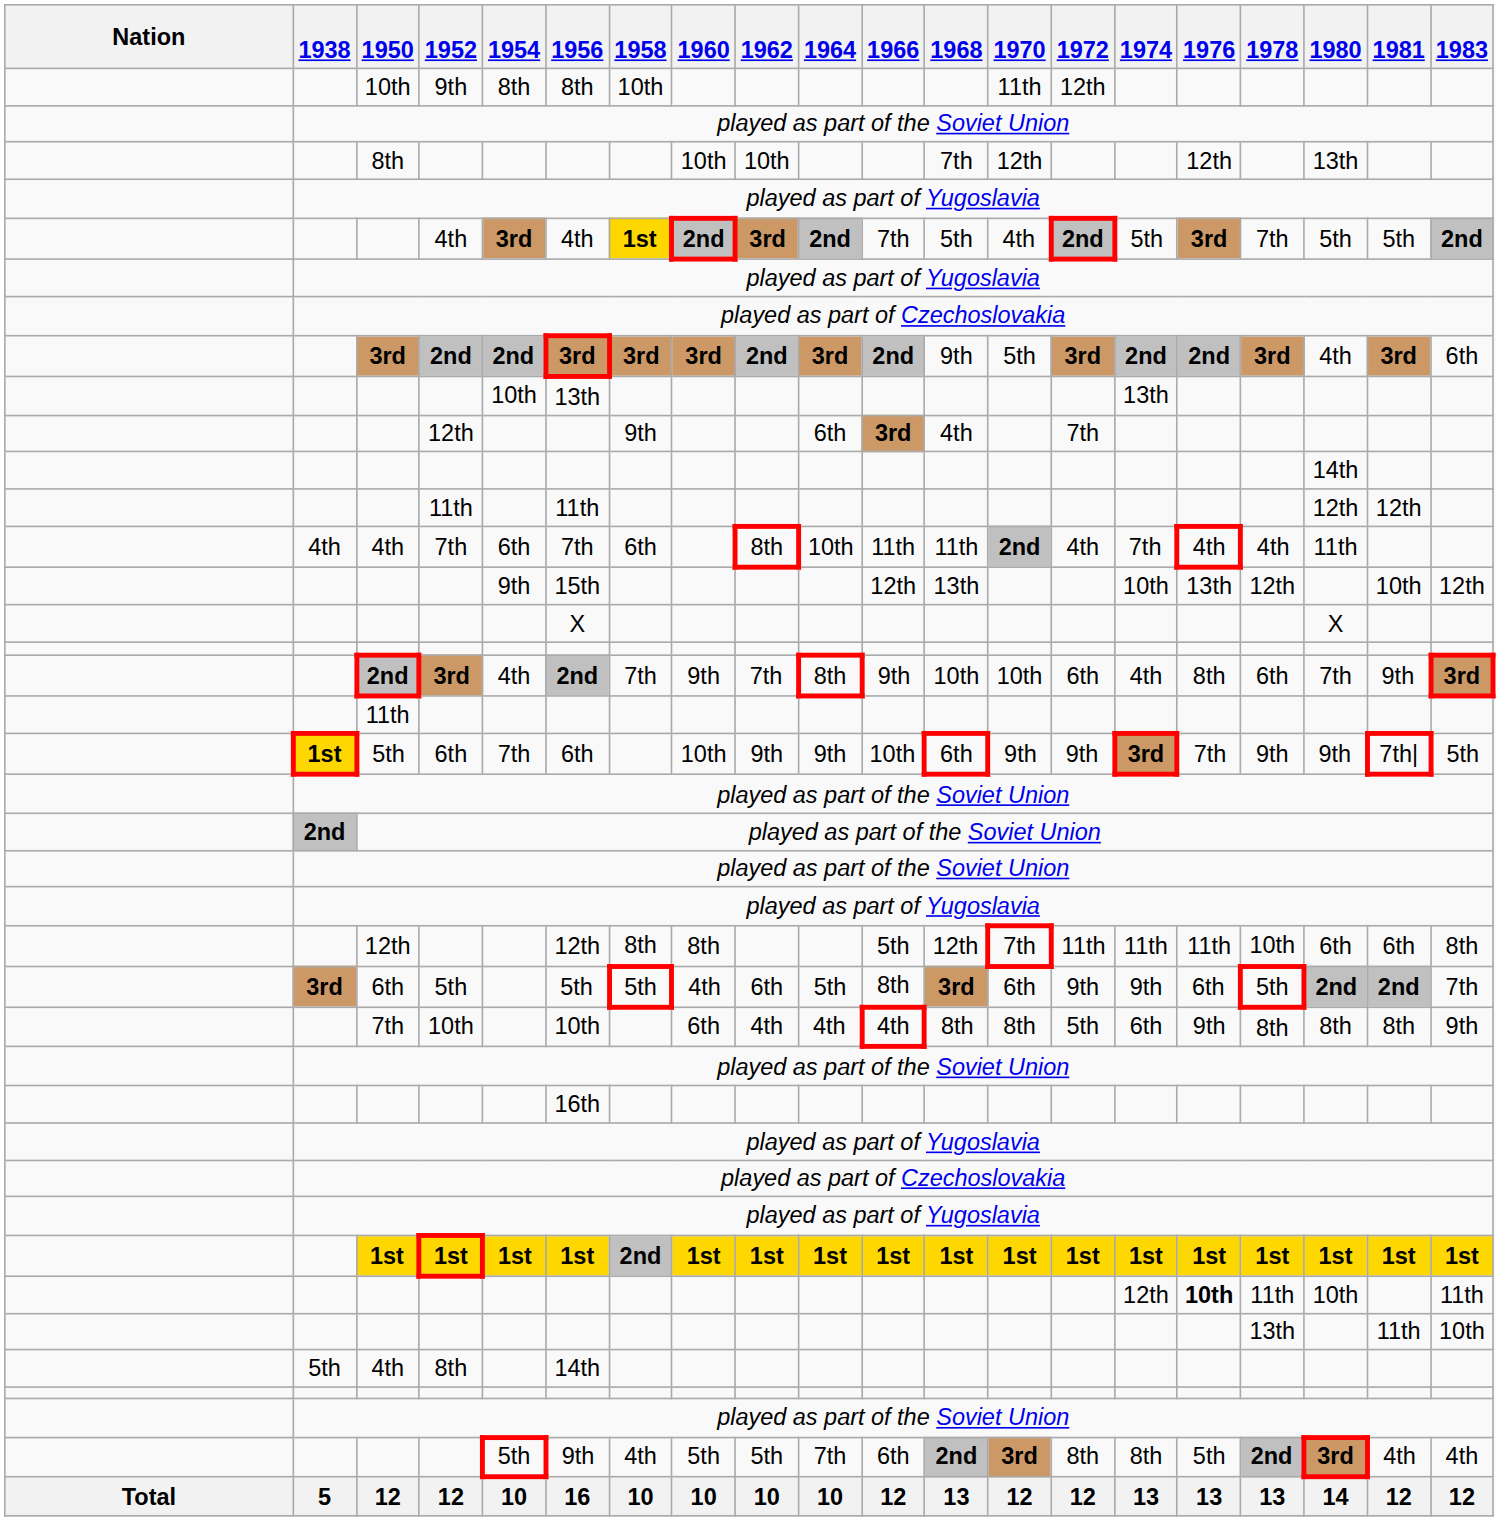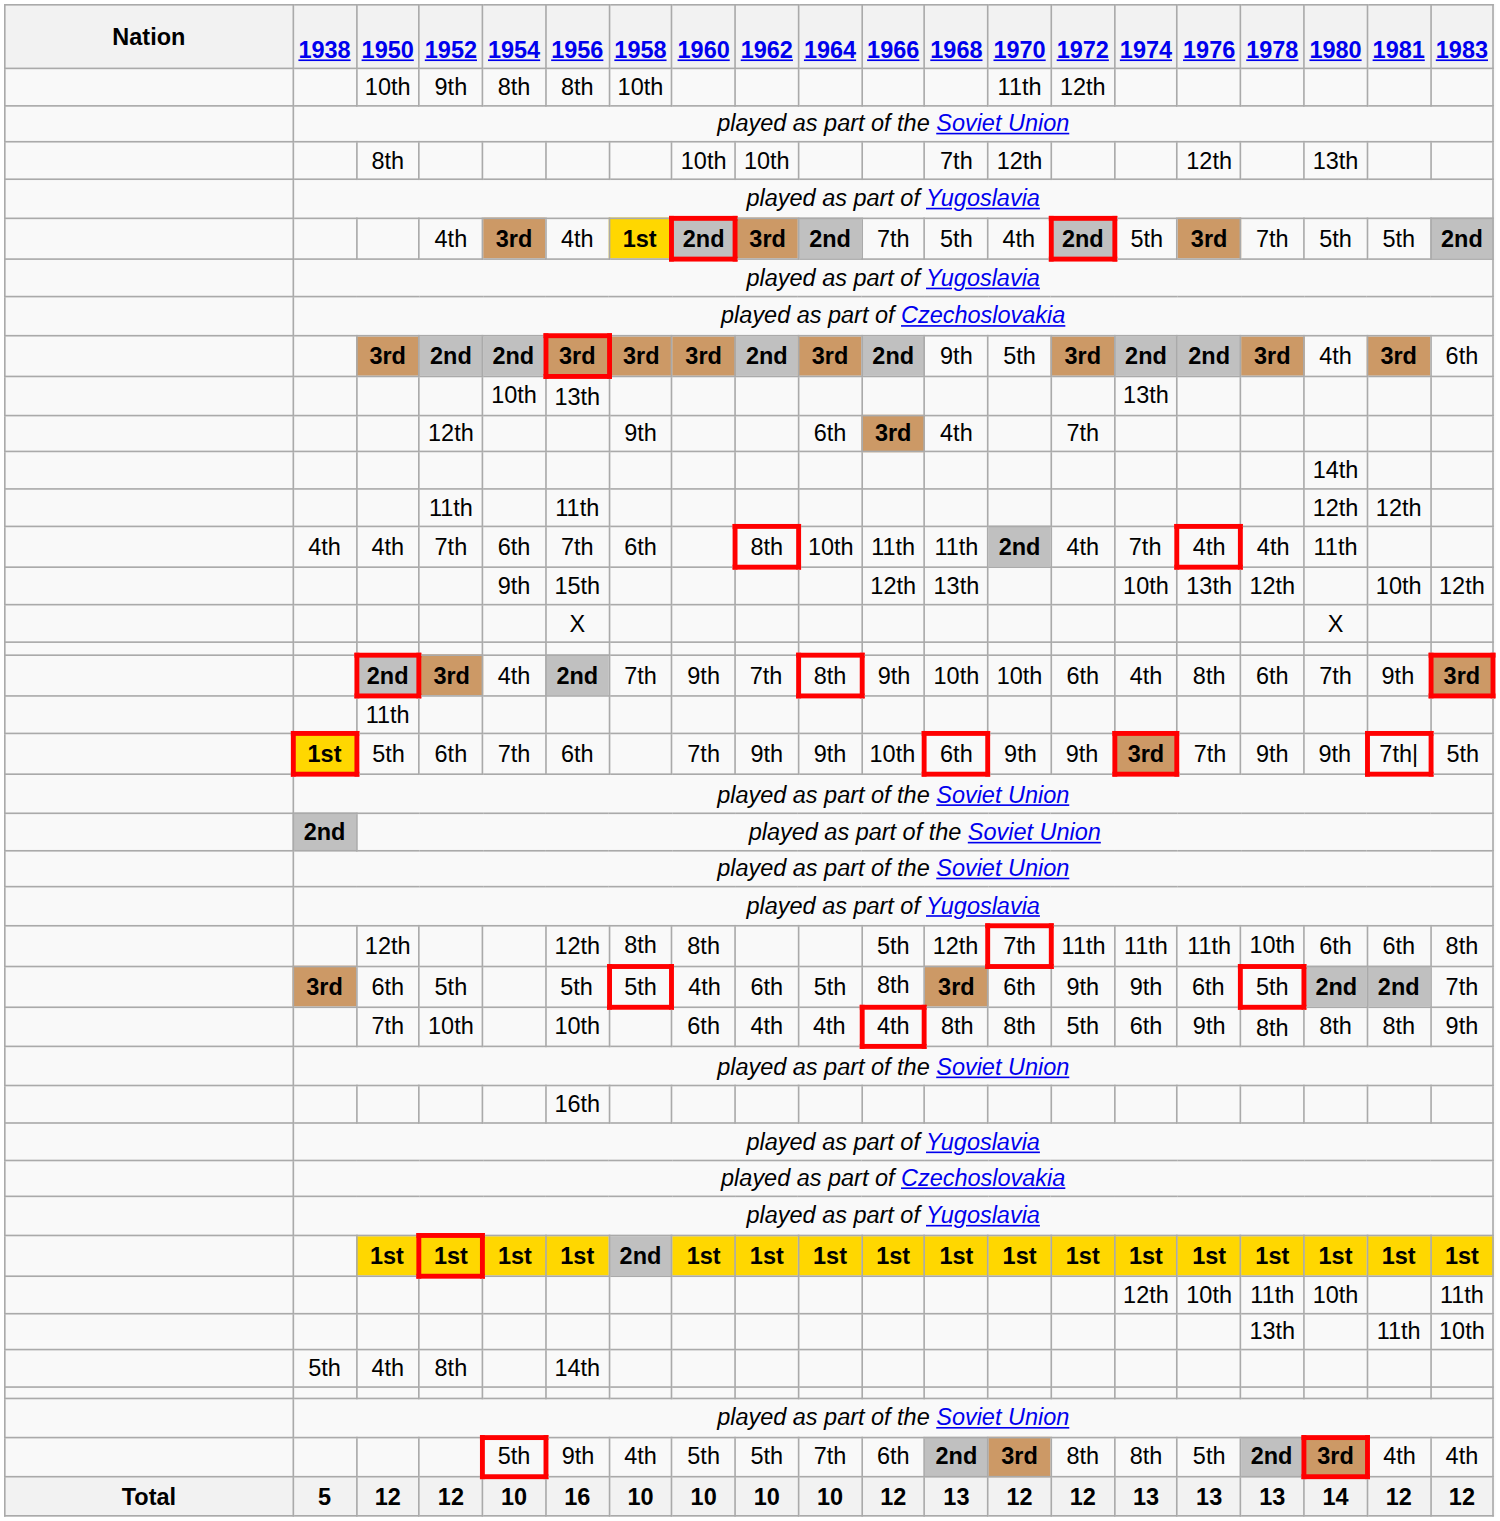 <table class="wikitable" style="text-align:center; font-size:90%">
 <tr>
 <th width=170>Nation</th>
 <th><br><a href='#'>1938</a></th>
 <th><br><a href='#'>1950</a></th>
 <th><br><a href='#'>1952</a></th>
 <th><br><a href='#'>1954</a></th>
 <th><br><a href='#'>1956</a></th>
 <th><br><a href='#'>1958</a></th>
 <th><br><a href='#'>1960</a></th>
 <th><br><a href='#'>1962</a></th>
 <th><br><a href='#'>1964</a></th>
 <th><br><a href='#'>1966</a></th>
 <th><br><a href='#'>1968</a></th>
 <th><br><a href='#'>1970</a></th>
 <th><br><a href='#'>1972</a></th>
 <th><br><a href='#'>1974</a></th>
 <th><br><a href='#'>1976</a></th>
 <th><br><a href='#'>1978</a></th>
 <th><br><a href='#'>1980</a></th>
 <th><br><a href='#'>1981</a></th>
 <th><br><a href='#'>1983</a></th>
 </tr>
 <tr>
 <td align=left></td>
 <td></td>
 <td>10th</td>
 <td>9th</td>
 <td>8th</td>
 <td>8th</td>
 <td>10th</td>
 <td></td>
 <td></td>
 <td></td>
 <td></td>
 <td></td>
 <td>11th</td>
 <td>12th</td>
 <td></td>
 <td></td>
 <td></td>
 <td></td>
 <td></td>
 <td></td>
 </tr>
 <tr>
 <td align=left></td>
 <td colspan=19><em>played as part of the <a href='#'>Soviet Union</a></em></td>
 </tr>
 <tr>
 <td align=left></td>
 <td></td>
 <td>8th</td>
 <td></td>
 <td></td>
 <td></td>
 <td></td>
 <td>10th</td>
 <td>10th</td>
 <td></td>
 <td></td>
 <td>7th</td>
 <td>12th</td>
 <td></td>
 <td></td>
 <td>12th</td>
 <td></td>
 <td>13th</td>
 <td></td>
 <td></td>
 </tr>
 <tr>
 <td align=left></td>
 <td colspan=19><em>played as part of <a href='#'>Yugoslavia</a></em></td>
 </tr>
 <tr>
 <td align=left></td>
 <td></td>
 <td></td>
 <td>4th</td>
 <td bgcolor=#cc9966><strong>3rd</strong></td>
 <td>4th</td>
 <td bgcolor=gold><strong>1st</strong></td>
 <td style="border: 3px solid red" bgcolor=silver><strong>2nd</strong></td>
 <td bgcolor=#cc9966><strong>3rd</strong></td>
 <td bgcolor=silver><strong>2nd</strong></td>
 <td>7th</td>
 <td>5th</td>
 <td>4th</td>
 <td style="border: 3px solid red" bgcolor=silver><strong>2nd</strong></td>
 <td>5th</td>
 <td bgcolor=#cc9966><strong>3rd</strong></td>
 <td>7th</td>
 <td>5th</td>
 <td>5th</td>
 <td bgcolor=silver><strong>2nd</strong></td>
 </tr>
 <tr>
 <td align=left></td>
 <td colspan=19><em>played as part of <a href='#'>Yugoslavia</a></em></td>
 </tr>
 <tr>
 <td align=left></td>
 <td colspan=19><em>played as part of <a href='#'>Czechoslovakia</a></em></td>
 </tr>
 <tr>
 <td align=left><em></em></td>
 <td></td>
 <td bgcolor=#cc9966><strong>3rd</strong></td>
 <td bgcolor=silver><strong>2nd</strong></td>
 <td bgcolor=silver><strong>2nd</strong></td>
 <td style="border: 3px solid red" bgcolor=#cc9966><strong>3rd</strong></td>
 <td bgcolor=#cc9966><strong>3rd</strong></td>
 <td bgcolor=#cc9966><strong>3rd</strong></td>
 <td bgcolor=silver><strong>2nd</strong></td>
 <td bgcolor=#cc9966><strong>3rd</strong></td>
 <td bgcolor=silver><strong>2nd</strong></td>
 <td>9th</td>
 <td>5th</td>
 <td bgcolor=#cc9966><strong>3rd</strong></td>
 <td bgcolor=silver><strong>2nd</strong></td>
 <td bgcolor=silver><strong>2nd</strong></td>
 <td bgcolor=#cc9966><strong>3rd</strong></td>
 <td>4th</td>
 <td bgcolor=#cc9966><strong>3rd</strong></td>
 <td>6th</td>
 </tr>
 <tr>
 <td align=left></td>
 <td></td>
 <td></td>
 <td></td>
 <td>10th</td>
 <td>13th</td>
 <td></td>
 <td></td>
 <td></td>
 <td></td>
 <td></td>
 <td></td>
 <td></td>
 <td></td>
 <td>13th</td>
 <td></td>
 <td></td>
 <td></td>
 <td></td>
 <td></td>
 </tr>
 <tr>
 <td align=left><em></em></td>
 <td></td>
 <td></td>
 <td>12th</td>
 <td></td>
 <td></td>
 <td>9th</td>
 <td></td>
 <td></td>
 <td>6th</td>
 <td bgcolor=#cc9966><strong>3rd</strong></td>
 <td>4th</td>
 <td></td>
 <td>7th</td>
 <td></td>
 <td></td>
 <td></td>
 <td></td>
 <td></td>
 <td></td>
 </tr>
 <tr>
 <td align=left></td>
 <td></td>
 <td></td>
 <td></td>
 <td></td>
 <td></td>
 <td></td>
 <td></td>
 <td></td>
 <td></td>
 <td></td>
 <td></td>
 <td></td>
 <td></td>
 <td></td>
 <td></td>
 <td></td>
 <td>14th</td>
 <td></td>
 <td></td>
 </tr>
 <tr>
 <td align=left></td>
 <td></td>
 <td></td>
 <td>11th</td>
 <td></td>
 <td>11th</td>
 <td></td>
 <td></td>
 <td></td>
 <td></td>
 <td></td>
 <td></td>
 <td></td>
 <td></td>
 <td></td>
 <td></td>
 <td></td>
 <td>12th</td>
 <td>12th</td>
 <td></td>
 </tr>
 <tr>
 <td align=left></td>
 <td>4th</td>
 <td>4th</td>
 <td>7th</td>
 <td>6th</td>
 <td>7th</td>
 <td>6th</td>
 <td></td>
 <td style="border: 3px solid red">8th</td>
 <td>10th</td>
 <td>11th</td>
 <td>11th</td>
 <td bgcolor=silver><strong>2nd</strong></td>
 <td>4th</td>
 <td>7th</td>
 <td style="border: 3px solid red">4th</td>
 <td>4th</td>
 <td>11th</td>
 <td></td>
 <td></td>
 </tr>
 <tr>
 <td align=left></td>
 <td></td>
 <td></td>
 <td></td>
 <td>9th</td>
 <td>15th</td>
 <td></td>
 <td></td>
 <td></td>
 <td></td>
 <td>12th</td>
 <td>13th</td>
 <td></td>
 <td></td>
 <td>10th</td>
 <td>13th</td>
 <td>12th</td>
 <td></td>
 <td>10th</td>
 <td>12th</td>
 </tr>
 <tr>
 <td align=left></td>
 <td></td>
 <td></td>
 <td></td>
 <td></td>
 <td>X</td>
 <td></td>
 <td></td>
 <td></td>
 <td></td>
 <td></td>
 <td></td>
 <td></td>
 <td></td>
 <td></td>
 <td></td>
 <td></td>
 <td>X</td>
 <td></td>
 <td></td>
 </tr>
 <tr>
 <td align=left></td>
 <td></td>
 <td></td>
 <td></td>
 <td></td>
 <td></td>
 <td></td>
 <td></td>
 <td></td>
 <td></td>
 <td></td>
 <td></td>
 <td></td>
 <td></td>
 <td></td>
 <td></td>
 <td></td>
 <td></td>
 <td></td>
 <td></td>
 </tr>
 <tr>
 <td align=left></td>
 <td></td>
 <td style="border: 3px solid red" bgcolor=silver><strong>2nd</strong></td>
 <td bgcolor=#cc9966><strong>3rd</strong></td>
 <td>4th</td>
 <td bgcolor=silver><strong>2nd</strong></td>
 <td>7th</td>
 <td>9th</td>
 <td>7th</td>
 <td style="border: 3px solid red">8th</td>
 <td>9th</td>
 <td>10th</td>
 <td>10th</td>
 <td>6th</td>
 <td>4th</td>
 <td>8th</td>
 <td>6th</td>
 <td>7th</td>
 <td>9th</td>
 <td style="border: 3px solid red" bgcolor=#cc9966><strong>3rd</strong></td>
 </tr>
 <tr>
 <td align=left></td>
 <td></td>
 <td>11th</td>
 <td></td>
 <td></td>
 <td></td>
 <td></td>
 <td></td>
 <td></td>
 <td></td>
 <td></td>
 <td></td>
 <td></td>
 <td></td>
 <td></td>
 <td></td>
 <td></td>
 <td></td>
 <td></td>
 <td></td>
 </tr>
 <tr>
 <td align=left></td>
 <td style="border: 3px solid red" bgcolor=gold><strong>1st</strong></td>
 <td>5th</td>
 <td>6th</td>
 <td>7th</td>
 <td>6th</td>
 <td></td>
-<td>10th</td>
+<td>7th</td>
 <td>9th</td>
 <td>9th</td>
 <td>10th</td>
 <td style="border: 3px solid red">6th</td>
 <td>9th</td>
 <td>9th</td>
 <td style="border: 3px solid red" bgcolor=#cc9966><strong>3rd</strong></td>
 <td>7th</td>
 <td>9th</td>
 <td>9th</td>
 <td style="border: 3px solid red">7th|</td>
 <td>5th</td>
 </tr>
 <tr>
 <td align=left></td>
 <td colspan=19><em>played as part of the <a href='#'>Soviet Union</a></em></td>
 </tr>
 <tr>
 <td align=left></td>
 <td bgcolor=silver><strong>2nd</strong></td>
 <td colspan=18><em>played as part of the <a href='#'>Soviet Union</a></em></td>
 </tr>
 <tr>
 <td align=left></td>
 <td colspan=19><em>played as part of the <a href='#'>Soviet Union</a></em></td>
 </tr>
 <tr>
 <td align=left></td>
 <td colspan=19><em>played as part of <a href='#'>Yugoslavia</a></em></td>
 </tr>
 <tr>
 <td align=left></td>
 <td></td>
 <td>12th</td>
 <td></td>
 <td></td>
 <td>12th</td>
 <td>8th</td>
 <td>8th</td>
 <td></td>
 <td></td>
 <td>5th</td>
 <td>12th</td>
 <td style="border: 3px solid red">7th</td>
 <td>11th</td>
 <td>11th</td>
 <td>11th</td>
 <td>10th</td>
 <td>6th</td>
 <td>6th</td>
 <td>8th</td>
 </tr>
 <tr>
 <td align=left></td>
 <td bgcolor=#cc9966><strong>3rd</strong></td>
 <td>6th</td>
 <td>5th</td>
 <td></td>
 <td>5th</td>
 <td style="border: 3px solid red">5th</td>
 <td>4th</td>
 <td>6th</td>
 <td>5th</td>
 <td>8th</td>
 <td bgcolor=#cc9966><strong>3rd</strong></td>
 <td>6th</td>
 <td>9th</td>
 <td>9th</td>
 <td>6th</td>
 <td style="border: 3px solid red">5th</td>
 <td bgcolor=silver><strong>2nd</strong></td>
 <td bgcolor=silver><strong>2nd</strong></td>
 <td>7th</td>
 </tr>
 <tr>
 <td align=left></td>
 <td></td>
 <td>7th</td>
 <td>10th</td>
 <td></td>
 <td>10th</td>
 <td></td>
 <td>6th</td>
 <td>4th</td>
 <td>4th</td>
 <td style="border: 3px solid red">4th</td>
 <td>8th</td>
 <td>8th</td>
 <td>5th</td>
 <td>6th</td>
 <td>9th</td>
 <td>8th</td>
 <td>8th</td>
 <td>8th</td>
 <td>9th</td>
 </tr>
 <tr>
 <td align=left></td>
 <td colspan=19><em>played as part of the <a href='#'>Soviet Union</a></em></td>
 </tr>
 <tr>
 <td align=left></td>
 <td></td>
 <td></td>
 <td></td>
 <td></td>
 <td>16th</td>
 <td></td>
 <td></td>
 <td></td>
 <td></td>
 <td></td>
 <td></td>
 <td></td>
 <td></td>
 <td></td>
 <td></td>
 <td></td>
 <td></td>
 <td></td>
 <td></td>
 </tr>
 <tr>
 <td align=left></td>
 <td colspan=19><em>played as part of <a href='#'>Yugoslavia</a></em></td>
 </tr>
 <tr>
 <td align=left></td>
 <td colspan=19><em>played as part of <a href='#'>Czechoslovakia</a></em></td>
 </tr>
 <tr>
 <td align=left></td>
 <td colspan=19><em>played as part of <a href='#'>Yugoslavia</a></em></td>
 </tr>
 <tr>
 <td align=left><em></em></td>
 <td></td>
 <td bgcolor=gold><strong>1st</strong></td>
 <td style="border: 3px solid red" bgcolor=gold><strong>1st</strong></td>
 <td bgcolor=gold><strong>1st</strong></td>
 <td bgcolor=gold><strong>1st</strong></td>
 <td bgcolor=silver><strong>2nd</strong></td>
 <td bgcolor=gold><strong>1st</strong></td>
 <td bgcolor=gold><strong>1st</strong></td>
 <td bgcolor=gold><strong>1st</strong></td>
 <td bgcolor=gold><strong>1st</strong></td>
 <td bgcolor=gold><strong>1st</strong></td>
 <td bgcolor=gold><strong>1st</strong></td>
 <td bgcolor=gold><strong>1st</strong></td>
 <td bgcolor=gold><strong>1st</strong></td>
 <td bgcolor=gold><strong>1st</strong></td>
 <td bgcolor=gold><strong>1st</strong></td>
 <td bgcolor=gold><strong>1st</strong></td>
 <td bgcolor=gold><strong>1st</strong></td>
 <td bgcolor=gold><strong>1st</strong></td>
 </tr>
 <tr>
 <td align=left></td>
 <td></td>
 <td></td>
 <td></td>
 <td></td>
 <td></td>
 <td></td>
 <td></td>
 <td></td>
 <td></td>
 <td></td>
 <td></td>
 <td></td>
 <td></td>
 <td>12th</td>
-<td><strong>10th</strong></td>
+<td>10th</td>
 <td>11th</td>
 <td>10th</td>
 <td></td>
 <td>11th</td>
 </tr>
 <tr>
 <td align=left></td>
 <td></td>
 <td></td>
 <td></td>
 <td></td>
 <td></td>
 <td></td>
 <td></td>
 <td></td>
 <td></td>
 <td></td>
 <td></td>
 <td></td>
 <td></td>
 <td></td>
 <td></td>
 <td>13th</td>
 <td></td>
 <td>11th</td>
 <td>10th</td>
 </tr>
 <tr>
 <td align=left></td>
 <td>5th</td>
 <td>4th</td>
 <td>8th</td>
 <td></td>
 <td>14th</td>
 <td></td>
 <td></td>
 <td></td>
 <td></td>
 <td></td>
 <td></td>
 <td></td>
 <td></td>
 <td></td>
 <td></td>
 <td></td>
 <td></td>
 <td></td>
 <td></td>
 </tr>
 <tr>
 <td align=left></td>
 <td></td>
 <td></td>
 <td></td>
 <td></td>
 <td></td>
 <td></td>
 <td></td>
 <td></td>
 <td></td>
 <td></td>
 <td></td>
 <td></td>
 <td></td>
 <td></td>
 <td></td>
 <td></td>
 <td></td>
 <td></td>
 <td></td>
 </tr>
 <tr>
 <td align=left></td>
 <td colspan=19><em>played as part of the <a href='#'>Soviet Union</a></em></td>
 </tr>
 <tr>
 <td align=left><em></em></td>
 <td></td>
 <td></td>
 <td></td>
 <td style="border: 3px solid red">5th</td>
 <td>9th</td>
 <td>4th</td>
 <td>5th</td>
 <td>5th</td>
 <td>7th</td>
 <td>6th</td>
 <td bgcolor=silver><strong>2nd</strong></td>
 <td bgcolor=#cc9966><strong>3rd</strong></td>
 <td>8th</td>
 <td>8th</td>
 <td>5th</td>
 <td bgcolor=silver><strong>2nd</strong></td>
 <td style="border: 3px solid red" bgcolor=#cc9966><strong>3rd</strong></td>
 <td>4th</td>
 <td>4th</td>
 </tr>
 <tr>
 <th>Total</th>
 <th>5</th>
 <th>12</th>
 <th>12</th>
 <th>10</th>
 <th>16</th>
 <th>10</th>
 <th>10</th>
 <th>10</th>
 <th>10</th>
 <th>12</th>
 <th>13</th>
 <th>12</th>
 <th>12</th>
 <th>13</th>
 <th>13</th>
 <th>13</th>
 <th>14</th>
 <th>12</th>
 <th>12</th>
 </tr>
 </table>
